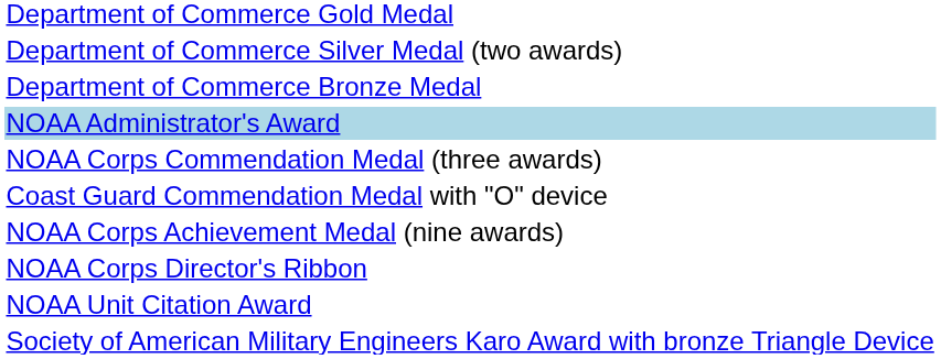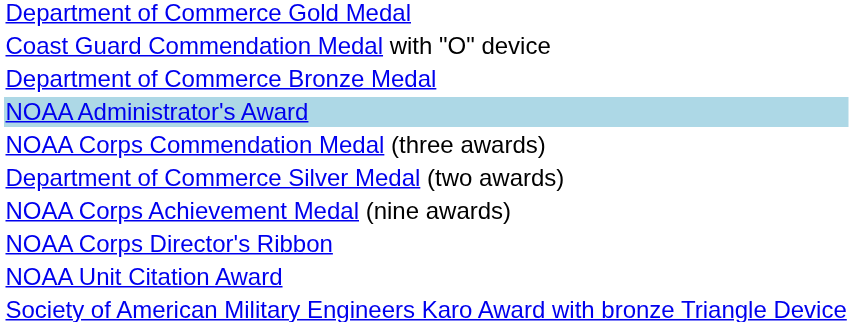 <table>
 <tr>
 <td> <a href='#'>Department of Commerce Gold Medal</a></td>
 </tr>
 <tr>
-<td> <a href='#'>Department of Commerce Silver Medal</a> (two awards)</td>
+<td><span></span><a href='#'>Coast Guard Commendation Medal</a> with "O" device</td>
 </tr>
 <tr>
 <td> <a href='#'>Department of Commerce Bronze Medal</a></td>
 </tr>
 <tr>
 <td style="background: lightblue;"> <a href='#'>NOAA Administrator's Award</a></td>
 </tr>
 <tr>
 <td> <a href='#'>NOAA Corps Commendation Medal</a> (three awards)</td>
 </tr>
 <tr>
-<td><span></span><a href='#'>Coast Guard Commendation Medal</a> with "O" device</td>
+<td> <a href='#'>Department of Commerce Silver Medal</a> (two awards)</td>
 </tr>
 <tr>
 <td> <a href='#'>NOAA Corps Achievement Medal</a> (nine awards)</td>
 </tr>
 <tr>
 <td> <a href='#'>NOAA Corps Director's Ribbon</a></td>
 </tr>
 <tr>
 <td> <a href='#'>NOAA Unit Citation Award</a></td>
 </tr>
 <tr>
 <td> <a href='#'>Society of American Military Engineers Karo Award with bronze Triangle Device</a></td>
 </tr>
 </table>
